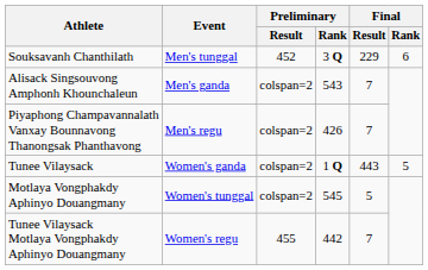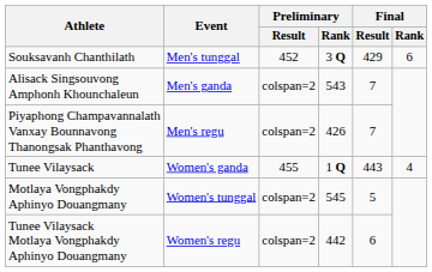 <table class=wikitable style=font-size:90%;text-align:center>
 <tr>
 <th rowspan="2">Athlete</th>
 <th rowspan="2">Event</th>
 <th colspan="2">Preliminary</th>
 <th colspan="2">Final</th>
 </tr>
 <tr style="font-size:95%">
 <th>Result</th>
 <th>Rank</th>
 <th>Result</th>
 <th>Rank</th>
 </tr>
 <tr>
 <td align=left>Souksavanh Chanthilath</td>
 <td align=left><a href='#'>Men's tunggal</a></td>
 <td>452</td>
 <td>3 <strong>Q</strong></td>
-<td>229</td>
+<td>429</td>
 <td>6</td>
 </tr>
 <tr>
 <td align=left>Alisack Singsouvong<br>Amphonh Khounchaleun</td>
 <td align=left><a href='#'>Men's ganda</a></td>
 <td>colspan=2 </td>
 <td>543</td>
 <td>7</td>
 </tr>
 <tr>
 <td align=left>Piyaphong Champavannalath<br>Vanxay Bounnavong<br>Thanongsak Phanthavong</td>
 <td align=left><a href='#'>Men's regu</a></td>
 <td>colspan=2 </td>
 <td>426</td>
 <td>7</td>
 </tr>
 <tr>
 <td align=left>Tunee Vilaysack</td>
 <td align=left><a href='#'>Women's ganda</a></td>
-<td>colspan=2 </td>
+<td>455</td>
 <td>1 <strong>Q</strong></td>
 <td>443</td>
-<td>5</td>
+<td>4</td>
 </tr>
 <tr>
 <td align=left>Motlaya Vongphakdy<br>Aphinyo Douangmany</td>
 <td align=left><a href='#'>Women's tunggal</a></td>
 <td>colspan=2 </td>
 <td>545</td>
 <td>5</td>
 </tr>
 <tr>
 <td align=left>Tunee Vilaysack<br>Motlaya Vongphakdy<br>Aphinyo Douangmany</td>
 <td align=left><a href='#'>Women's regu</a></td>
-<td>455</td>
+<td>colspan=2 </td>
 <td>442</td>
-<td>7</td>
+<td>6</td>
 </tr>
 </table>
